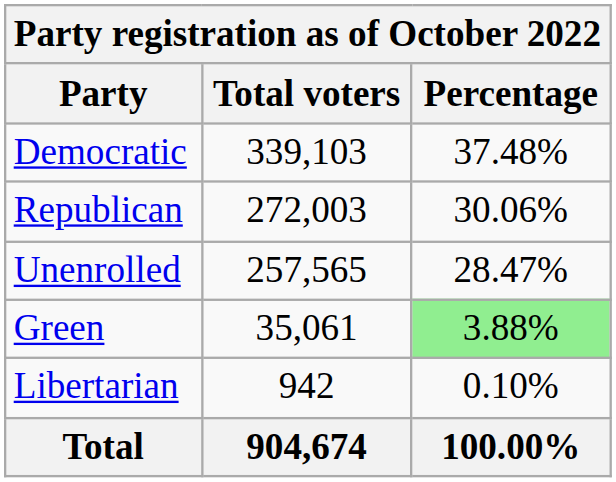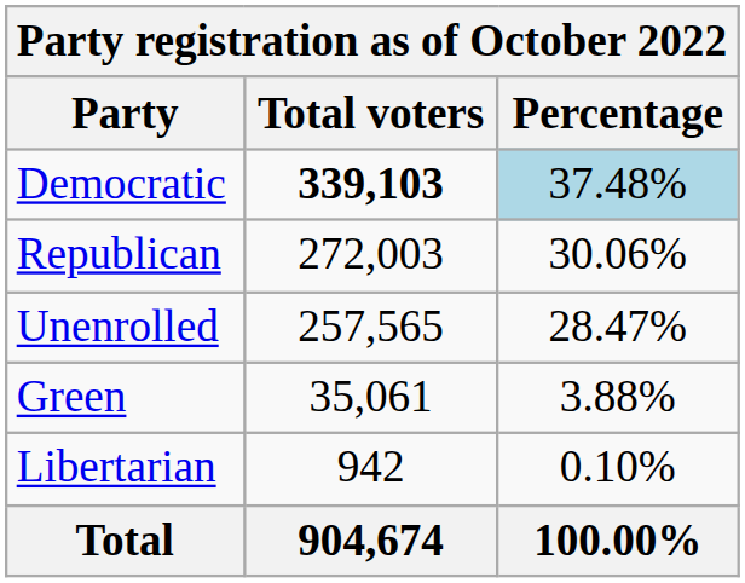 <table class="wikitable" style="align:left">
 <tr>
 <th colspan="3">Party registration as of October 2022</th>
 </tr>
 <tr>
 <th>Party</th>
 <th>Total voters</th>
 <th>Percentage</th>
 </tr>
 <tr | >
 <td><a href='#'>Democratic</a></td>
-<td align="center">339,103</td>
-<td align="center">37.48%</td>
+<td align="center"><strong>339,103</strong></td>
+<td align="center" style="background: lightblue;">37.48%</td>
 </tr>
 <tr | >
 <td><a href='#'>Republican</a></td>
 <td align="center">272,003</td>
 <td align="center">30.06%</td>
 </tr>
 <tr | >
 <td><a href='#'>Unenrolled</a></td>
 <td align="center">257,565</td>
 <td align="center">28.47%</td>
 </tr>
 <tr | >
 <td><a href='#'>Green</a></td>
 <td align="center">35,061</td>
-<td align="center" style="background: lightgreen;">3.88%</td>
+<td align="center">3.88%</td>
 </tr>
 <tr | >
 <td><a href='#'>Libertarian</a></td>
 <td align="center">942</td>
 <td align="center">0.10%</td>
 </tr>
 <tr>
 <th>Total</th>
 <th align="center">904,674</th>
 <th align="center">100.00%</th>
 </tr>
 </table>
